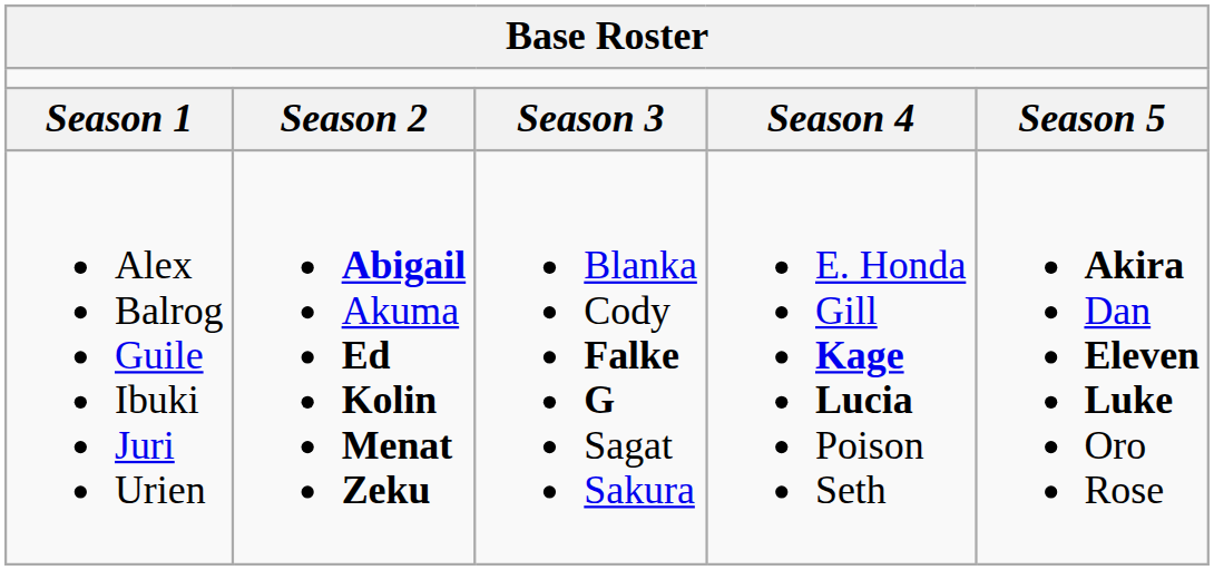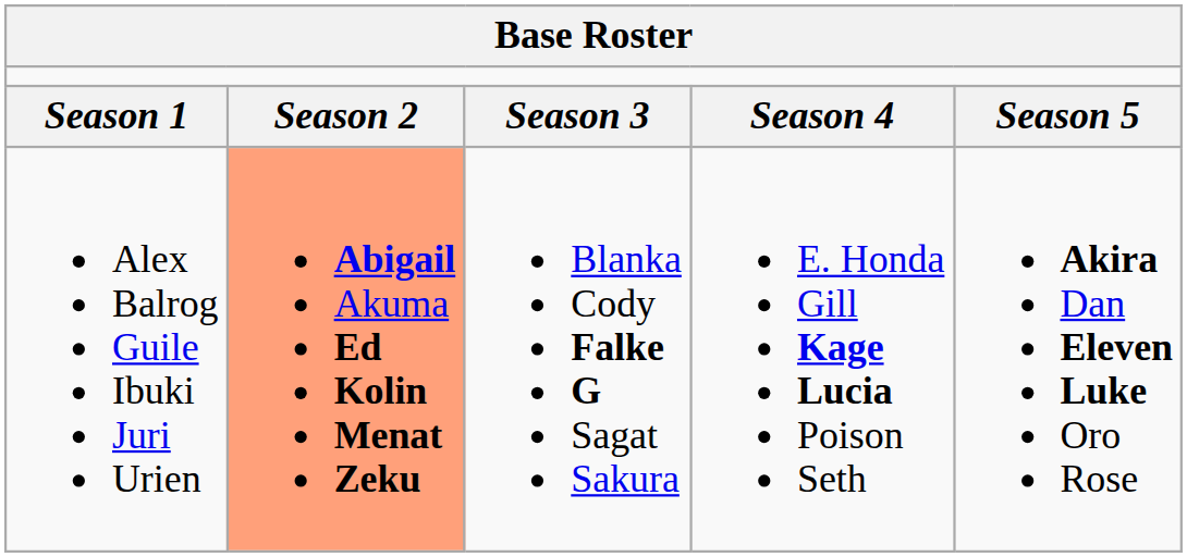 <table class="wikitable">
 <tr>
 <th colspan=5>Base Roster</th>
 </tr>
 <tr>
 <td colspan=5></td>
 </tr>
 <tr>
 <th><em>Season 1</em></th>
 <th><em>Season 2</em></th>
 <th><em>Season 3</em></th>
 <th><em>Season 4</em></th>
 <th><em>Season 5</em></th>
 </tr>
 <tr>
 <td><br><ul><li>Alex</li><li>Balrog</li><li><a href='#'>Guile</a></li><li>Ibuki</li><li><a href='#'>Juri</a></li><li>Urien</li></ul></td>
-<td><br><ul><li><strong><a href='#'>Abigail</a></strong></li><li><a href='#'>Akuma</a></li><li><strong>Ed</strong></li><li><strong>Kolin</strong></li><li><strong>Menat</strong></li><li><strong>Zeku</strong></li></ul></td>
+<td style="background: lightsalmon;"><br><ul><li><strong><a href='#'>Abigail</a></strong></li><li><a href='#'>Akuma</a></li><li><strong>Ed</strong></li><li><strong>Kolin</strong></li><li><strong>Menat</strong></li><li><strong>Zeku</strong></li></ul></td>
 <td><br><ul><li><a href='#'>Blanka</a></li><li>Cody</li><li><strong>Falke</strong></li><li><strong>G</strong></li><li>Sagat</li><li><a href='#'>Sakura</a></li></ul></td>
 <td><br><ul><li><a href='#'>E. Honda</a></li><li><a href='#'>Gill</a></li><li><strong><a href='#'>Kage</a></strong></li><li><strong>Lucia</strong></li><li>Poison</li><li>Seth</li></ul></td>
 <td><br><ul><li><strong>Akira</strong></li><li><a href='#'>Dan</a></li><li><strong>Eleven</strong></li><li><strong>Luke</strong></li><li>Oro</li><li>Rose</li></ul></td>
 </tr>
 </table>
